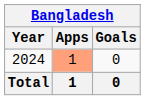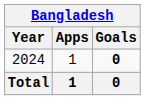 <table class="wikitable" style="text-align:center">
 <tr>
 <th colspan=10><a href='#'>Bangladesh</a></th>
 </tr>
 <tr>
 <th>Year</th>
 <th>Apps</th>
 <th>Goals</th>
 </tr>
 <tr>
 <td>2024</td>
-<td style="background: lightsalmon;">1</td>
-<td>0</td>
+<td>1</td>
+<td><strong>0</strong></td>
 </tr>
 <tr>
 <th>Total</th>
 <th>1</th>
 <th>0</th>
 </tr>
 </table>
